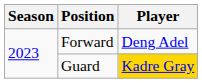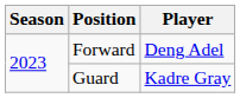 <table class="wikitable">
 <tr>
 <th>Season</th>
 <th>Position</th>
 <th>Player</th>
 </tr>
 <tr>
 <td rowspan="2"><a href='#'>2023</a></td>
 <td>Forward</td>
 <td><a href='#'>Deng Adel</a></td>
 </tr>
 <tr>
 <td>Guard</td>
-<td style="background: gold;"><a href='#'>Kadre Gray</a></td>
+<td><a href='#'>Kadre Gray</a></td>
 </tr>
 </table>
